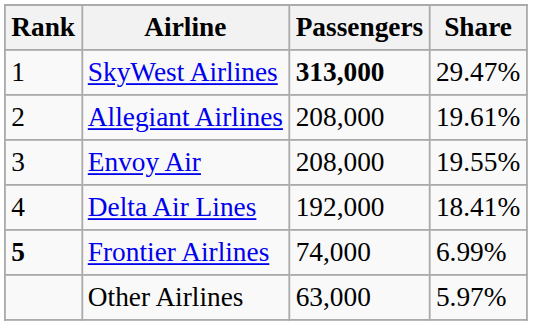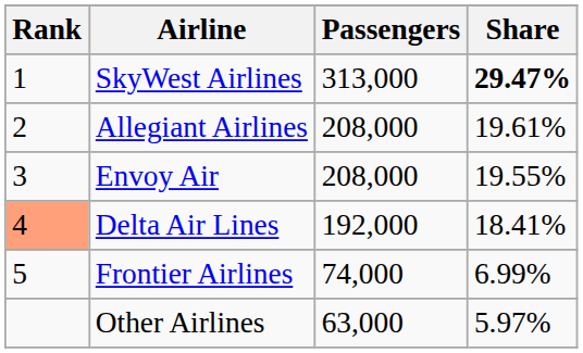 <table class="wikitable sortable" style="font-size: 95%">
 <tr>
 </tr>
 <tr>
 <th>Rank</th>
 <th>Airline</th>
 <th>Passengers</th>
 <th>Share</th>
 </tr>
 <tr>
 <td>1</td>
 <td><a href='#'>SkyWest Airlines</a></td>
-<td><strong>313,000</strong></td>
-<td>29.47%</td>
+<td>313,000</td>
+<td><strong>29.47%</strong></td>
 </tr>
 <tr>
 <td>2</td>
 <td><a href='#'>Allegiant Airlines</a></td>
 <td>208,000</td>
 <td>19.61%</td>
 </tr>
 <tr>
 <td>3</td>
 <td><a href='#'>Envoy Air</a></td>
 <td>208,000</td>
 <td>19.55%</td>
 </tr>
 <tr>
-<td>4</td>
+<td style="background: lightsalmon;">4</td>
 <td><a href='#'>Delta Air Lines</a></td>
 <td>192,000</td>
 <td>18.41%</td>
 </tr>
 <tr>
-<td><strong>5</strong></td>
+<td>5</td>
 <td><a href='#'>Frontier Airlines</a></td>
 <td>74,000</td>
 <td>6.99%</td>
 </tr>
 <tr>
 <td></td>
 <td>Other Airlines</td>
 <td>63,000</td>
 <td>5.97%</td>
 </tr>
 </table>
